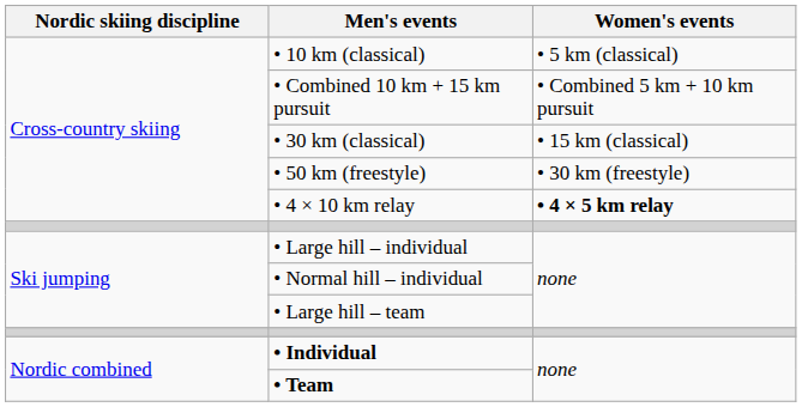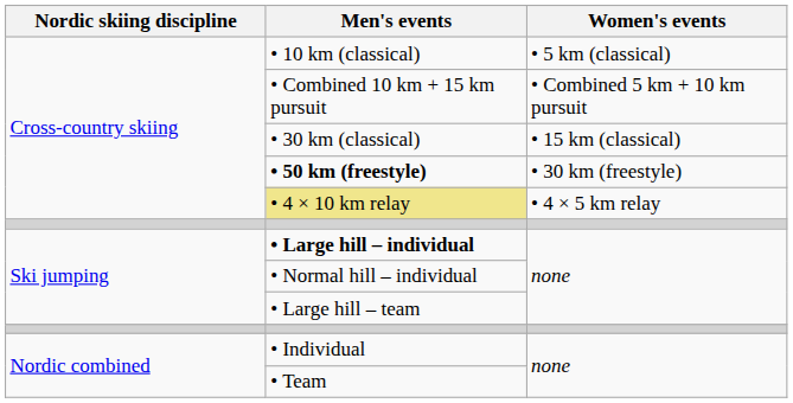 <table class="wikitable">
 <tr>
 <th width=200!>Nordic skiing discipline</th>
 <th width=200!>Men's events</th>
 <th width=200!>Women's events</th>
 </tr>
 <tr>
 <td rowspan=5><a href='#'>Cross-country skiing</a></td>
 <td>• 10 km (classical)</td>
 <td>• 5 km (classical)</td>
 </tr>
 <tr>
 <td>• Combined 10 km + 15 km pursuit</td>
 <td>• Combined 5 km + 10 km pursuit</td>
 </tr>
 <tr>
 <td>• 30 km (classical)</td>
 <td>• 15 km (classical)</td>
 </tr>
 <tr>
-<td>• 50 km (freestyle)</td>
+<td><strong>• 50 km (freestyle)</strong></td>
 <td>• 30 km (freestyle)</td>
 </tr>
 <tr>
-<td>• 4 × 10 km relay</td>
-<td><strong>• 4 × 5 km relay</strong></td>
+<td style="background: khaki;">• 4 × 10 km relay</td>
+<td>• 4 × 5 km relay</td>
 </tr>
 <tr bgcolor=lightgray>
 <td></td>
 <td></td>
 <td></td>
 </tr>
 <tr>
 <td rowspan=3><a href='#'>Ski jumping</a></td>
-<td>• Large hill – individual</td>
+<td><strong>• Large hill – individual</strong></td>
 <td rowspan=3><em>none</em></td>
 </tr>
 <tr>
 <td>• Normal hill – individual</td>
 </tr>
 <tr>
 <td>• Large hill – team</td>
 </tr>
 <tr bgcolor=lightgray>
 <td></td>
 <td></td>
 <td></td>
 </tr>
 <tr>
 <td rowspan=2><a href='#'>Nordic combined</a></td>
-<td><strong>• Individual</strong></td>
+<td>• Individual</td>
 <td rowspan=2><em>none</em></td>
 </tr>
 <tr>
-<td><strong>• Team</strong></td>
+<td>• Team</td>
 </tr>
 </table>
